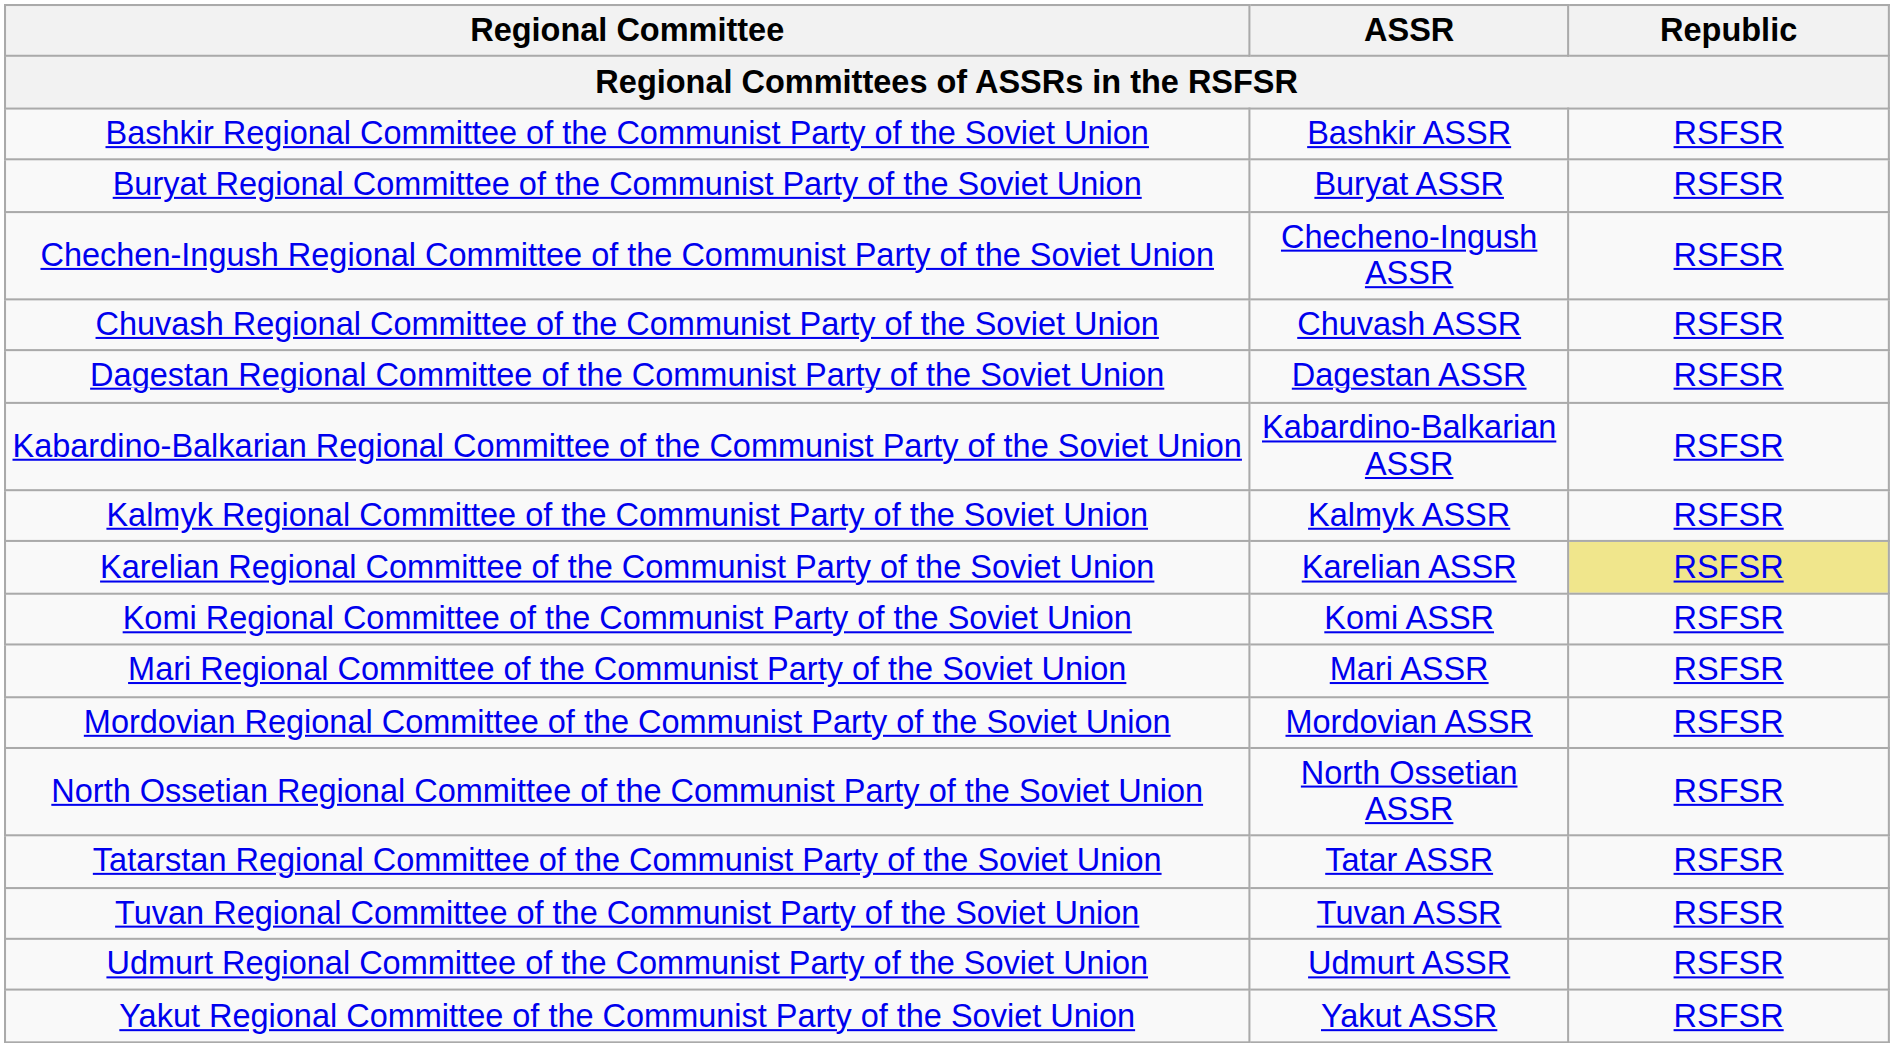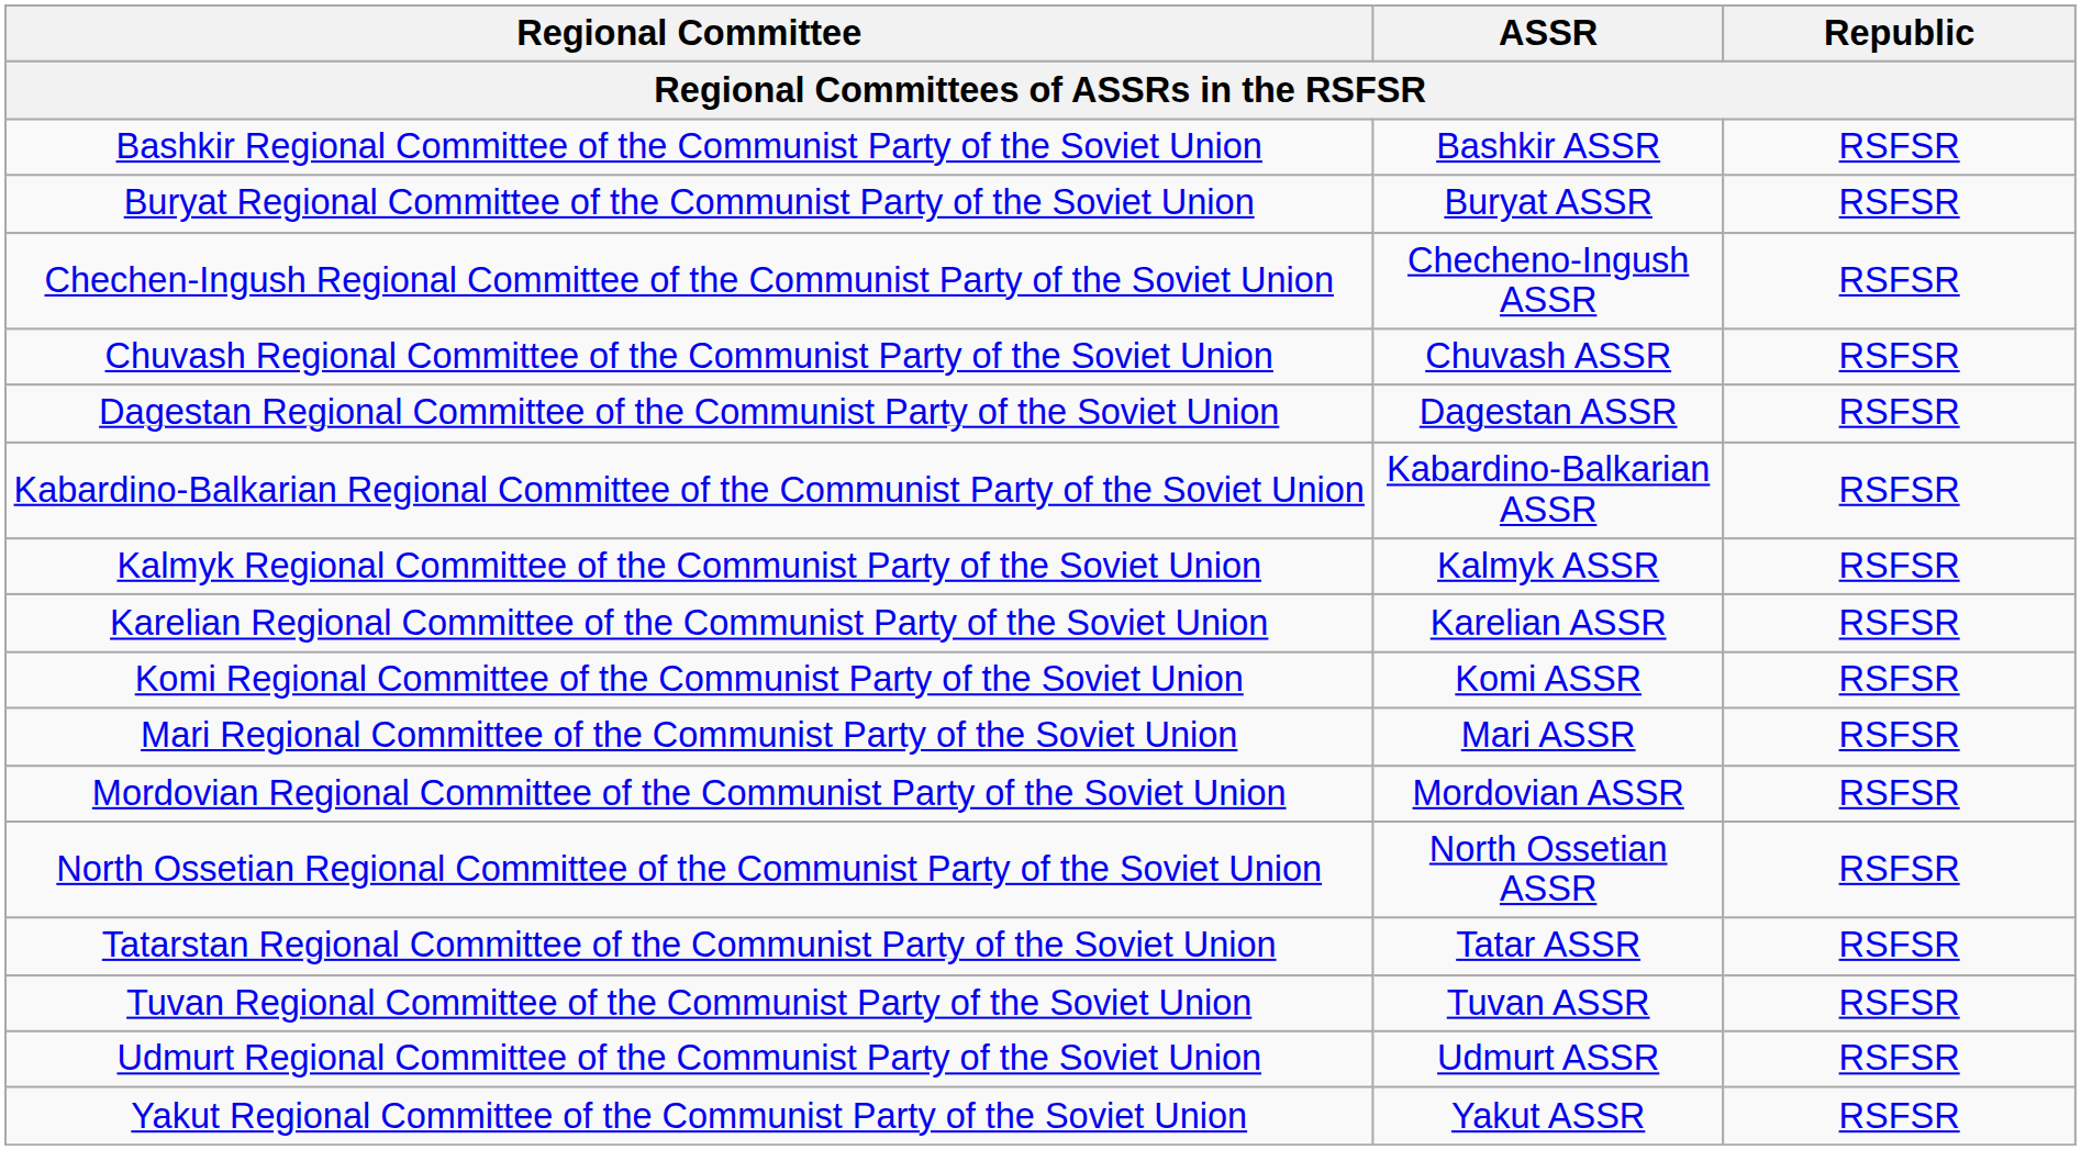 <table class="wikitable" style="text-align:center">
 <tr>
 <th>Regional Committee</th>
 <th width="150">ASSR</th>
 <th width="150">Republic</th>
 </tr>
 <tr>
 <th colspan="3"><strong>Regional Committees of ASSRs in the RSFSR</strong></th>
 </tr>
 <tr>
 <td><a href='#'>Bashkir Regional Committee of the Communist Party of the Soviet Union</a></td>
 <td><a href='#'>Bashkir ASSR</a></td>
 <td> <a href='#'>RSFSR</a></td>
 </tr>
 <tr>
 <td><a href='#'>Buryat Regional Committee of the Communist Party of the Soviet Union</a></td>
 <td><a href='#'>Buryat ASSR</a></td>
 <td> <a href='#'>RSFSR</a></td>
 </tr>
 <tr>
 <td><a href='#'>Chechen-Ingush Regional Committee of the Communist Party of the Soviet Union</a></td>
 <td><a href='#'>Checheno-Ingush ASSR</a></td>
 <td> <a href='#'>RSFSR</a></td>
 </tr>
 <tr>
 <td><a href='#'>Chuvash Regional Committee of the Communist Party of the Soviet Union</a></td>
 <td><a href='#'>Chuvash ASSR</a></td>
 <td> <a href='#'>RSFSR</a></td>
 </tr>
 <tr>
 <td><a href='#'>Dagestan Regional Committee of the Communist Party of the Soviet Union</a></td>
 <td><a href='#'>Dagestan ASSR</a></td>
 <td> <a href='#'>RSFSR</a></td>
 </tr>
 <tr>
 <td><a href='#'>Kabardino-Balkarian Regional Committee of the Communist Party of the Soviet Union</a></td>
 <td><a href='#'>Kabardino-Balkarian ASSR</a></td>
 <td> <a href='#'>RSFSR</a></td>
 </tr>
 <tr>
 <td><a href='#'>Kalmyk Regional Committee of the Communist Party of the Soviet Union</a></td>
 <td><a href='#'>Kalmyk ASSR</a></td>
 <td> <a href='#'>RSFSR</a></td>
 </tr>
 <tr>
 <td><a href='#'>Karelian Regional Committee of the Communist Party of the Soviet Union</a></td>
 <td><a href='#'>Karelian ASSR</a></td>
-<td style="background: khaki;"> <a href='#'>RSFSR</a></td>
+<td> <a href='#'>RSFSR</a></td>
 </tr>
 <tr>
 <td><a href='#'>Komi Regional Committee of the Communist Party of the Soviet Union</a></td>
 <td><a href='#'>Komi ASSR</a></td>
 <td> <a href='#'>RSFSR</a></td>
 </tr>
 <tr>
 <td><a href='#'>Mari Regional Committee of the Communist Party of the Soviet Union</a></td>
 <td><a href='#'>Mari ASSR</a></td>
 <td> <a href='#'>RSFSR</a></td>
 </tr>
 <tr>
 <td><a href='#'>Mordovian Regional Committee of the Communist Party of the Soviet Union</a></td>
 <td><a href='#'>Mordovian ASSR</a></td>
 <td> <a href='#'>RSFSR</a></td>
 </tr>
 <tr>
 <td><a href='#'>North Ossetian Regional Committee of the Communist Party of the Soviet Union</a></td>
 <td><a href='#'>North Ossetian ASSR</a></td>
 <td> <a href='#'>RSFSR</a></td>
 </tr>
 <tr>
 <td><a href='#'>Tatarstan Regional Committee of the Communist Party of the Soviet Union</a></td>
 <td><a href='#'>Tatar ASSR</a></td>
 <td> <a href='#'>RSFSR</a></td>
 </tr>
 <tr>
 <td><a href='#'>Tuvan Regional Committee of the Communist Party of the Soviet Union</a></td>
 <td><a href='#'>Tuvan ASSR</a></td>
 <td> <a href='#'>RSFSR</a></td>
 </tr>
 <tr>
 <td><a href='#'>Udmurt Regional Committee of the Communist Party of the Soviet Union</a></td>
 <td><a href='#'>Udmurt ASSR</a></td>
 <td> <a href='#'>RSFSR</a></td>
 </tr>
 <tr>
 <td><a href='#'>Yakut Regional Committee of the Communist Party of the Soviet Union</a></td>
 <td><a href='#'>Yakut ASSR</a></td>
 <td> <a href='#'>RSFSR</a></td>
 </tr>
 </table>
